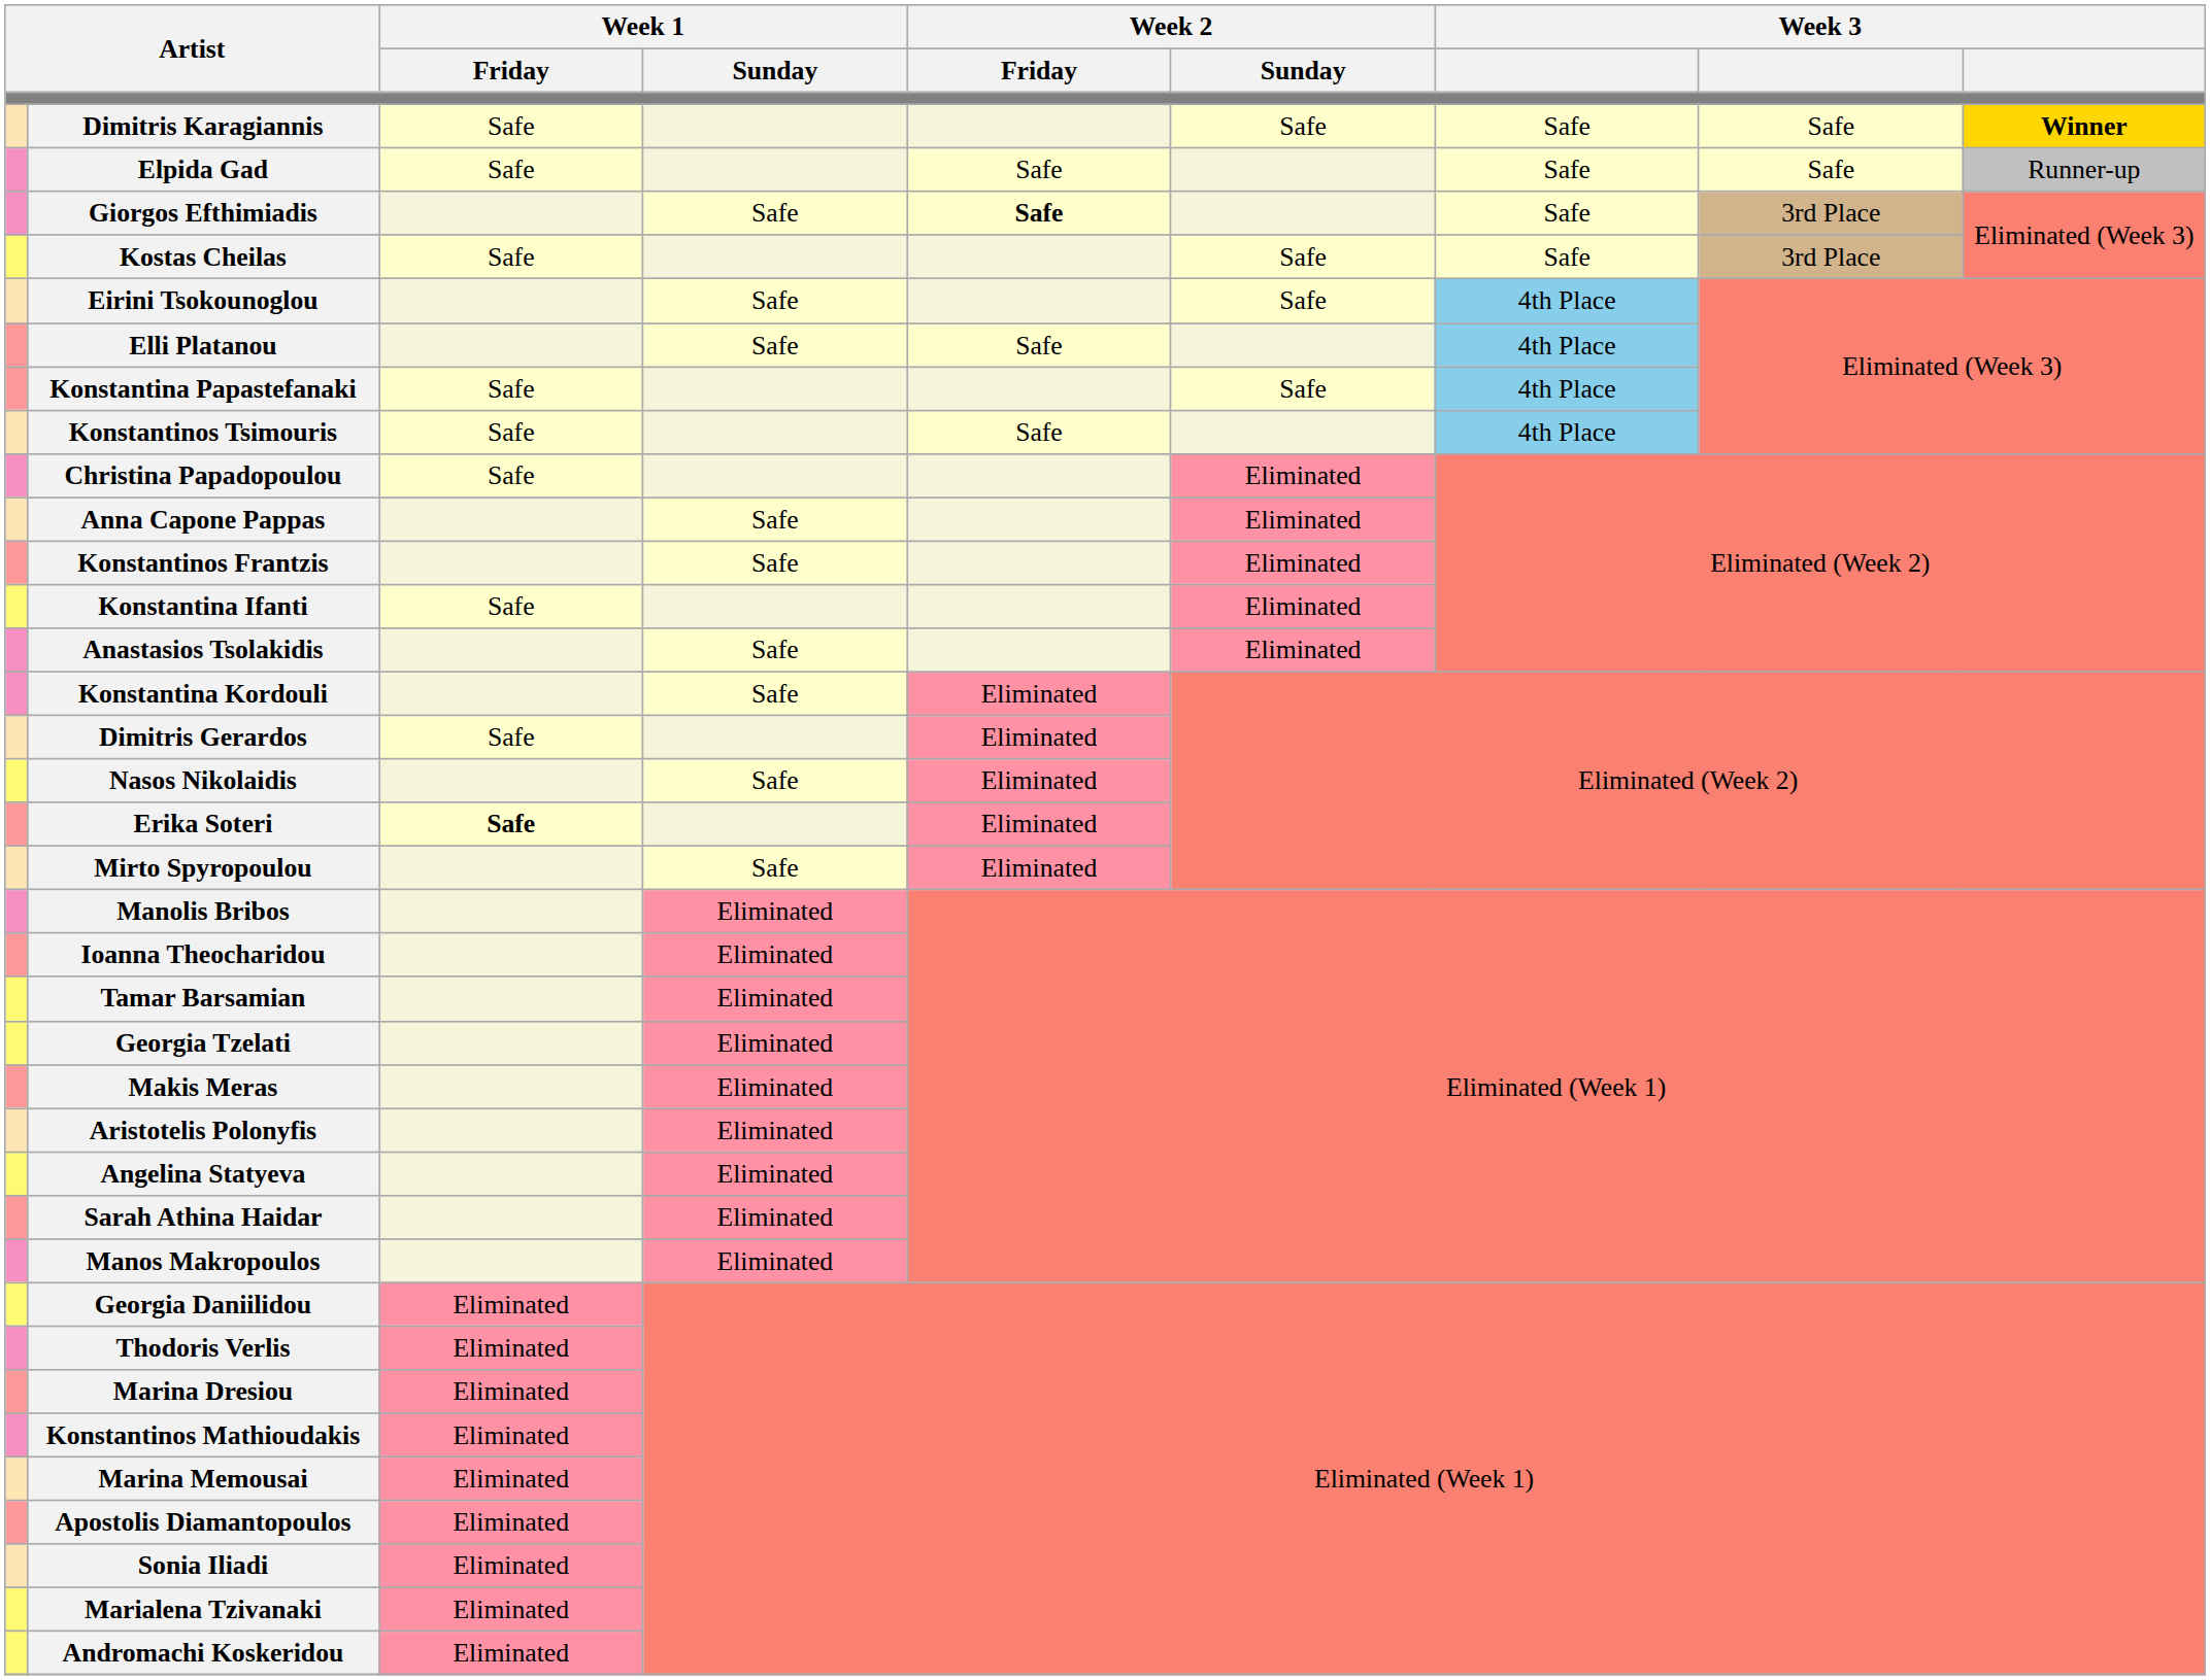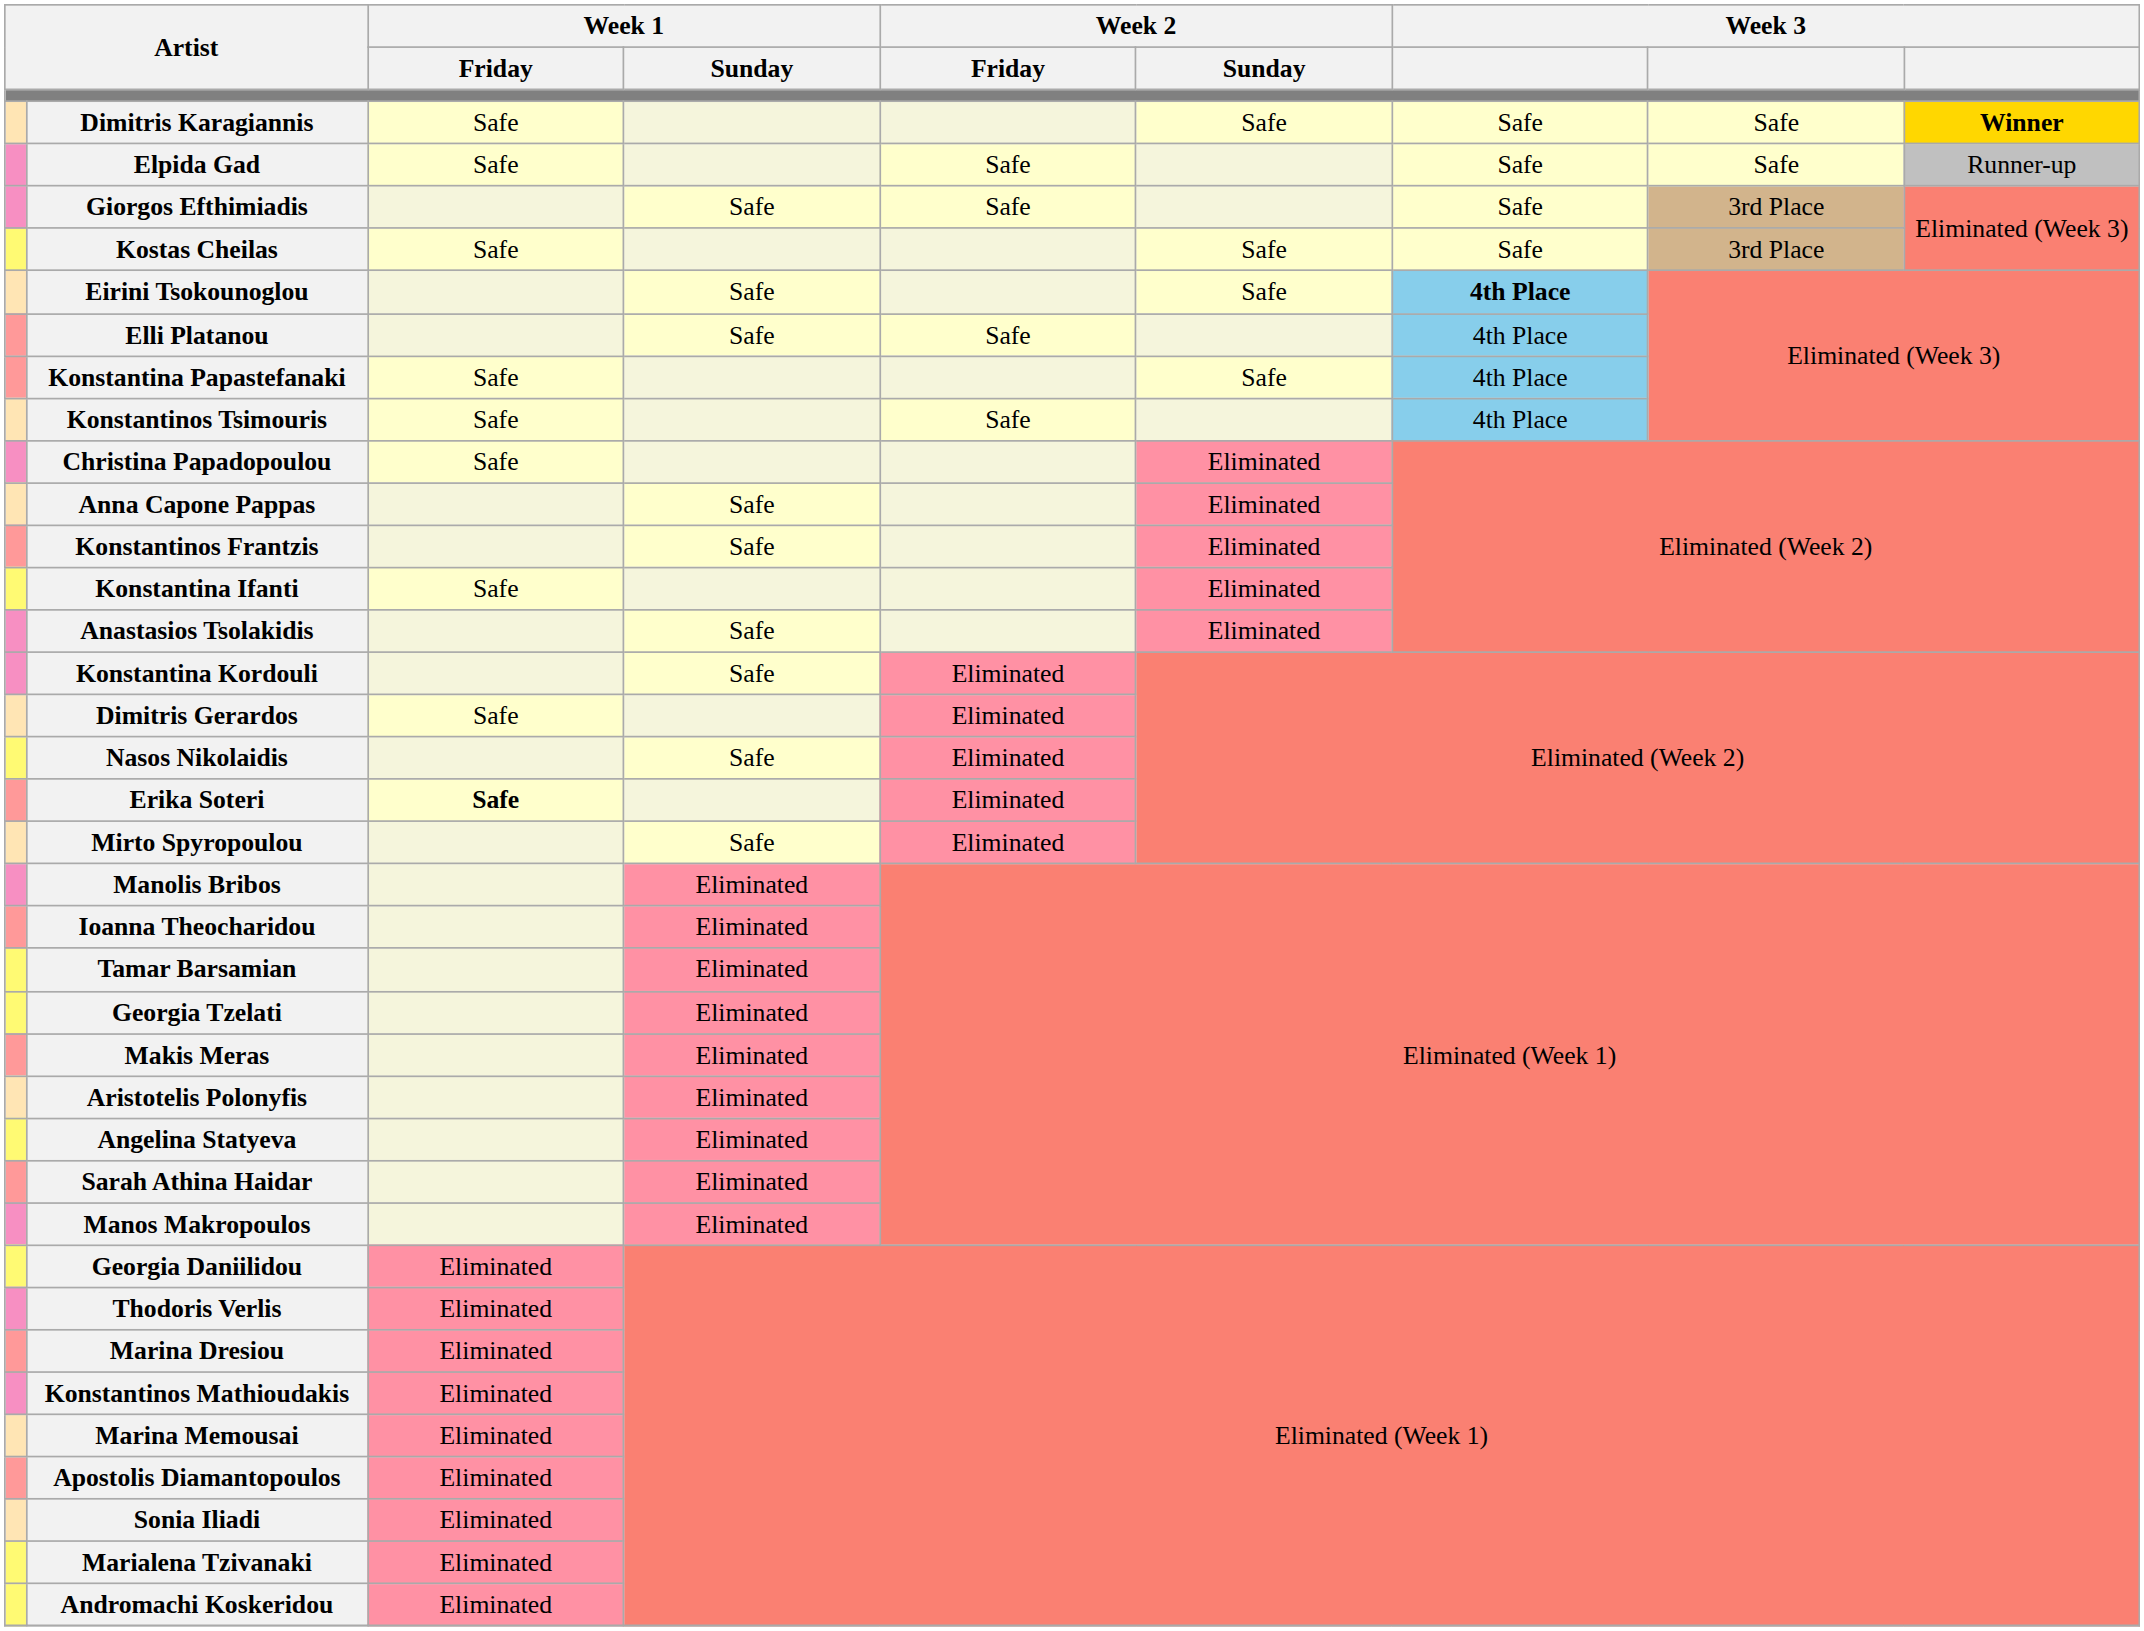 <table class="wikitable"  style="font-size:95%; text-align:center; width:100%;">
 <tr>
 <th rowspan="2" colspan="2" width="17%;">Artist</th>
 <th style="width:14%" colspan="2" scope="col">Week 1</th>
 <th style="width:14%" colspan="2" scope="col">Week 2</th>
 <th style="width:14%" colspan="3" scope="col">Week 3</th>
 </tr>
 <tr>
 <th width="12%;">Friday</th>
 <th width="12%;">Sunday</th>
 <th width="12%;">Friday</th>
 <th width="12%;">Sunday</th>
 <th width="12%;"></th>
 <th width="12%;"></th>
 <th width="12%;"></th>
 </tr>
 <tr>
 <th colspan="10" style="background:grey;"></th>
 </tr>
 <tr>
 <td style="background:#ffe5b4;"></td>
 <th width="16%">Dimitris Karagiannis</th>
 <td style="background:#FFFFCC;">Safe</td>
 <td style="background:#F5F5DC;"></td>
 <td style="background:#F5F5DC;"></td>
 <td style="background:#FFFFCC;">Safe</td>
 <td style="background:#FFFFCC;">Safe</td>
 <td style="background:#FFFFCC;">Safe</td>
 <td style="background:gold;"><strong>Winner</strong></td>
 </tr>
 <tr>
 <td style="background:#f78fc2;"></td>
 <th width="16%">Elpida Gad</th>
 <td style="background:#FFFFCC;">Safe</td>
 <td style="background:#F5F5DC;"></td>
 <td style="background:#FFFFCC;">Safe</td>
 <td style="background:#F5F5DC;"></td>
 <td style="background:#FFFFCC;">Safe</td>
 <td style="background:#FFFFCC;">Safe</td>
 <td style="background:silver;">Runner-up</td>
 </tr>
 <tr>
 <td style="background:#f78fc2;"></td>
 <th width="16%">Giorgos Efthimiadis</th>
 <td style="background:#F5F5DC;"></td>
 <td style="background:#FFFFCC;">Safe</td>
-<td style="background:#FFFFCC;"><strong>Safe</strong></td>
+<td style="background:#FFFFCC;">Safe</td>
 <td style="background:#F5F5DC;"></td>
 <td style="background:#FFFFCC;">Safe</td>
 <td style="background:tan;">3rd Place</td>
 <td rowspan="2" style="background:#FA8072;">Eliminated (Week 3)</td>
 </tr>
 <tr>
 <td style="background:#fffa73;"></td>
 <th width="16%">Kostas Cheilas</th>
 <td style="background:#FFFFCC;">Safe</td>
 <td style="background:#F5F5DC;"></td>
 <td style="background:#F5F5DC;"></td>
 <td style="background:#FFFFCC;">Safe</td>
 <td style="background:#FFFFCC;">Safe</td>
 <td style="background:tan;">3rd Place</td>
 </tr>
 <tr>
 <td style="background:#ffe5b4;"></td>
 <th width="16%">Eirini Tsokounoglou</th>
 <td style="background:#F5F5DC;"></td>
 <td style="background:#FFFFCC;">Safe</td>
 <td style="background:#F5F5DC;"></td>
 <td style="background:#FFFFCC;">Safe</td>
-<td style="background:skyblue;">4th Place</td>
+<td style="background:skyblue;"><strong>4th Place</strong></td>
 <td rowspan="4" colspan="2" style="background:#FA8072;">Eliminated (Week 3)</td>
 </tr>
 <tr>
 <td style="background:#ff9999;"></td>
 <th width="16%">Elli Platanou</th>
 <td style="background:#F5F5DC;"></td>
 <td style="background:#FFFFCC;">Safe</td>
 <td style="background:#FFFFCC;">Safe</td>
 <td style="background:#F5F5DC;"></td>
 <td style="background:skyblue;">4th Place</td>
 </tr>
 <tr>
 <td style="background:#ff9999;"></td>
 <th width="16%">Konstantina Papastefanaki</th>
 <td style="background:#FFFFCC;">Safe</td>
 <td style="background:#F5F5DC;"></td>
 <td style="background:#F5F5DC;"></td>
 <td style="background:#FFFFCC;">Safe</td>
 <td style="background:skyblue;">4th Place</td>
 </tr>
 <tr>
 <td style="background:#ffe5b4;"></td>
 <th width="16%">Konstantinos Tsimouris</th>
 <td style="background:#FFFFCC;">Safe</td>
 <td style="background:#F5F5DC;"></td>
 <td style="background:#FFFFCC;">Safe</td>
 <td style="background:#F5F5DC;"></td>
 <td style="background:skyblue;">4th Place</td>
 </tr>
 <tr>
 <td style="background:#f78fc2;"></td>
 <th width="16%">Christina Papadopoulou</th>
 <td style="background:#FFFFCC;">Safe</td>
 <td style="background:#F5F5DC;"></td>
 <td style="background:#F5F5DC;"></td>
 <td style="background:#FF91A4;">Eliminated</td>
 <td rowspan="5" colspan="3" style="background:#FA8072;">Eliminated (Week 2)</td>
 </tr>
 <tr>
 <td style="background:#ffe5b4;"></td>
 <th width="16%">Anna Capone Pappas</th>
 <td style="background:#F5F5DC;"></td>
 <td style="background:#FFFFCC;">Safe</td>
 <td style="background:#F5F5DC;"></td>
 <td style="background:#FF91A4;">Eliminated</td>
 </tr>
 <tr>
 <td style="background:#ff9999;"></td>
 <th width="16%">Konstantinos Frantzis</th>
 <td style="background:#F5F5DC;"></td>
 <td style="background:#FFFFCC;">Safe</td>
 <td style="background:#F5F5DC;"></td>
 <td style="background:#FF91A4;">Eliminated</td>
 </tr>
 <tr>
 <td style="background:#fffa73;"></td>
 <th width="16%">Konstantina Ifanti</th>
 <td style="background:#FFFFCC;">Safe</td>
 <td style="background:#F5F5DC;"></td>
 <td style="background:#F5F5DC;"></td>
 <td style="background:#FF91A4;">Eliminated</td>
 </tr>
 <tr>
 <td style="background:#f78fc2;"></td>
 <th width="16%">Anastasios Tsolakidis</th>
 <td style="background:#F5F5DC;"></td>
 <td style="background:#FFFFCC;">Safe</td>
 <td style="background:#F5F5DC;"></td>
 <td style="background:#FF91A4;">Eliminated</td>
 </tr>
 <tr>
 <td style="background:#f78fc2;"></td>
 <th width="16%">Konstantina Kordouli</th>
 <td style="background:#F5F5DC;"></td>
 <td style="background:#FFFFCC;">Safe</td>
 <td style="background:#FF91A4;">Eliminated</td>
 <td rowspan="5" colspan="4" style="background:#FA8072;">Eliminated (Week 2)</td>
 </tr>
 <tr>
 <td style="background:#ffe5b4;"></td>
 <th width="16%">Dimitris Gerardos</th>
 <td style="background:#FFFFCC;">Safe</td>
 <td style="background:#F5F5DC;"></td>
 <td style="background:#FF91A4;">Eliminated</td>
 </tr>
 <tr>
 <td style="background:#fffa73;"></td>
 <th width="16%">Nasos Nikolaidis</th>
 <td style="background:#F5F5DC;"></td>
 <td style="background:#FFFFCC;">Safe</td>
 <td style="background:#FF91A4;">Eliminated</td>
 </tr>
 <tr>
 <td style="background:#ff9999;"></td>
 <th width="16%">Erika Soteri</th>
 <td style="background:#FFFFCC;"><strong>Safe</strong></td>
 <td style="background:#F5F5DC;"></td>
 <td style="background:#FF91A4;">Eliminated</td>
 </tr>
 <tr>
 <td style="background:#ffe5b4;"></td>
 <th width="16%">Mirto Spyropoulou</th>
 <td style="background:#F5F5DC;"></td>
 <td style="background:#FFFFCC;">Safe</td>
 <td style="background:#FF91A4;">Eliminated</td>
 </tr>
 <tr>
 <td style="background:#f78fc2;"></td>
 <th width="16%">Manolis Bribos</th>
 <td style="background:#F5F5DC;"></td>
 <td style="background:#FF91A4;">Eliminated</td>
 <td rowspan="9" colspan="5" style="background:#FA8072;">Eliminated (Week 1)</td>
 </tr>
 <tr>
 <td style="background:#ff9999;"></td>
 <th width="16%">Ioanna Theocharidou</th>
 <td style="background:#F5F5DC;"></td>
 <td style="background:#FF91A4;">Eliminated</td>
 </tr>
 <tr>
 <td style="background:#fffa73;"></td>
 <th width="16%">Tamar Barsamian</th>
 <td style="background:#F5F5DC;"></td>
 <td style="background:#FF91A4;">Eliminated</td>
 </tr>
 <tr>
 <td style="background:#fffa73;"></td>
 <th width="16%">Georgia Tzelati</th>
 <td style="background:#F5F5DC;"></td>
 <td style="background:#FF91A4;">Eliminated</td>
 </tr>
 <tr>
 <td style="background:#ff9999;"></td>
 <th width="16%">Makis Meras</th>
 <td style="background:#F5F5DC;"></td>
 <td style="background:#FF91A4;">Eliminated</td>
 </tr>
 <tr>
 <td style="background:#ffe5b4;"></td>
 <th width="16%">Aristotelis Polonyfis</th>
 <td style="background:#F5F5DC;"></td>
 <td style="background:#FF91A4;">Eliminated</td>
 </tr>
 <tr>
 <td style="background:#fffa73;"></td>
 <th width="16%">Angelina Statyeva</th>
 <td style="background:#F5F5DC;"></td>
 <td style="background:#FF91A4;">Eliminated</td>
 </tr>
 <tr>
 <td style="background:#ff9999;"></td>
 <th width="16%">Sarah Athina Haidar</th>
 <td style="background:#F5F5DC;"></td>
 <td style="background:#FF91A4;">Eliminated</td>
 </tr>
 <tr>
 <td style="background:#f78fc2;"></td>
 <th width="16%">Manos Makropoulos</th>
 <td style="background:#F5F5DC;"></td>
 <td style="background:#FF91A4;">Eliminated</td>
 </tr>
 <tr>
 <td style="background:#fffa73;"></td>
 <th width="16%">Georgia Daniilidou</th>
 <td style="background:#FF91A4;">Eliminated</td>
 <td rowspan="9" colspan="6" style="background:#FA8072;">Eliminated (Week 1)</td>
 </tr>
 <tr>
 <td style="background:#f78fc2;"></td>
 <th width="16%">Thodoris Verlis</th>
 <td style="background:#FF91A4;">Eliminated</td>
 </tr>
 <tr>
 <td style="background:#ff9999;"></td>
 <th width="16%">Marina Dresiou</th>
 <td style="background:#FF91A4;">Eliminated</td>
 </tr>
 <tr>
 <td style="background:#f78fc2;"></td>
 <th width="16%">Konstantinos Mathioudakis</th>
 <td style="background:#FF91A4;">Eliminated</td>
 </tr>
 <tr>
 <td style="background:#ffe5b4;"></td>
 <th width="16%">Marina Memousai</th>
 <td style="background:#FF91A4;">Eliminated</td>
 </tr>
 <tr>
 <td style="background:#ff9999;"></td>
 <th width="16%">Apostolis Diamantopoulos</th>
 <td style="background:#FF91A4;">Eliminated</td>
 </tr>
 <tr>
 <td style="background:#ffe5b4;"></td>
 <th width="16%">Sonia Iliadi</th>
 <td style="background:#FF91A4;">Eliminated</td>
 </tr>
 <tr>
 <td style="background:#fffa73;"></td>
 <th width="16%">Marialena Tzivanaki</th>
 <td style="background:#FF91A4;">Eliminated</td>
 </tr>
 <tr>
 <td style="background:#fffa73;"></td>
 <th width="16%">Andromachi Koskeridou</th>
 <td style="background:#FF91A4;">Eliminated</td>
 </tr>
 <tr>
 </tr>
 </table>
